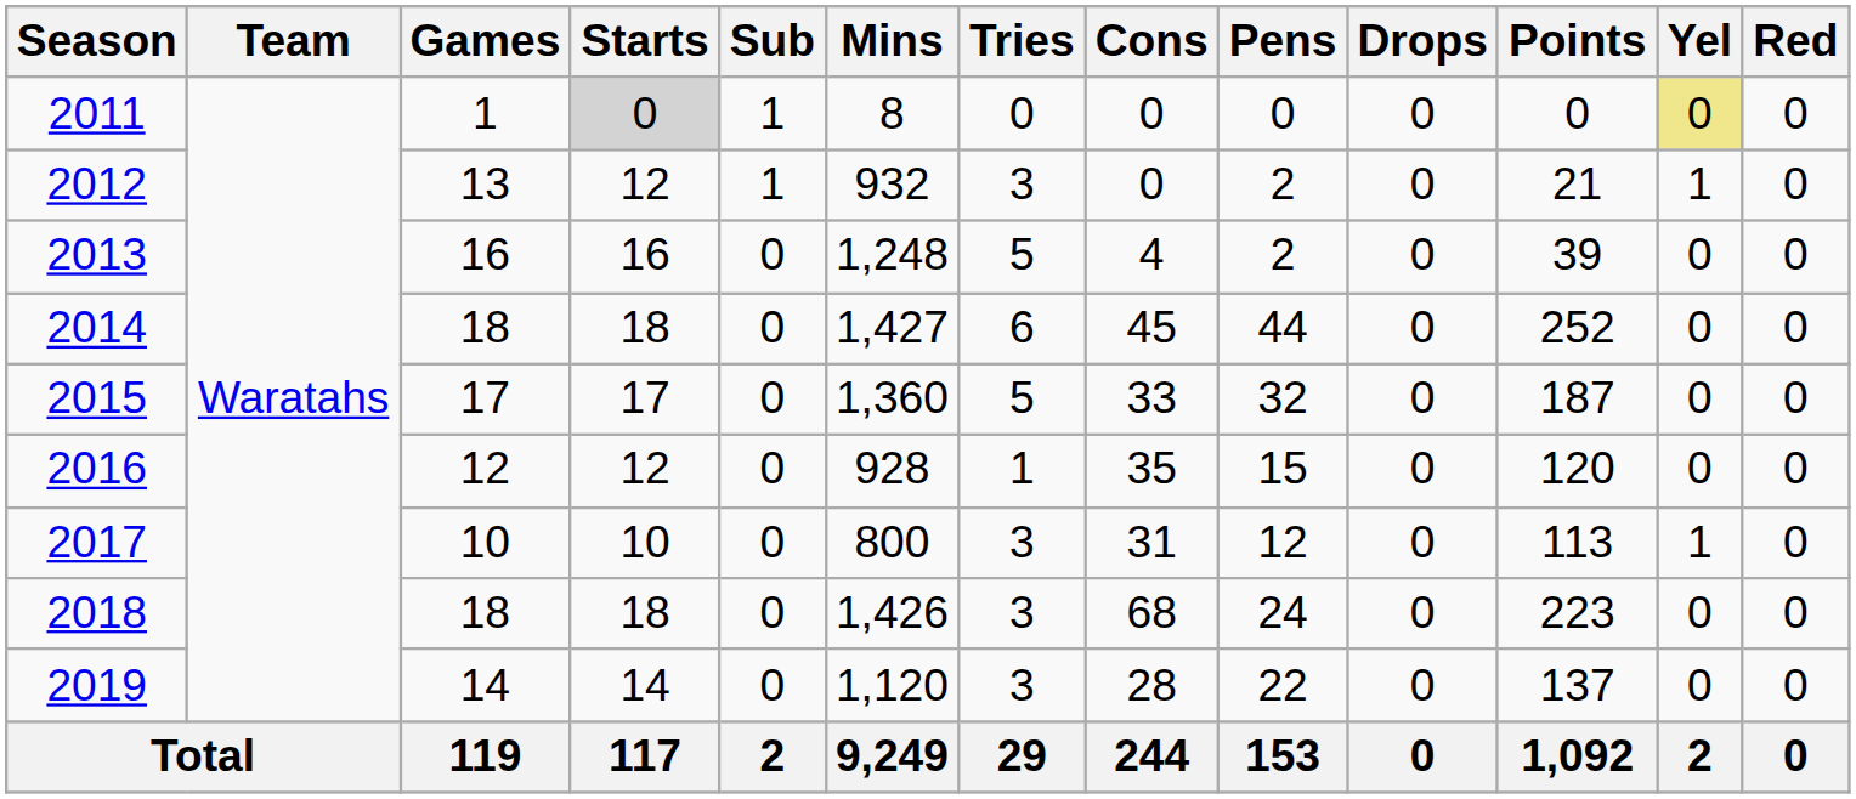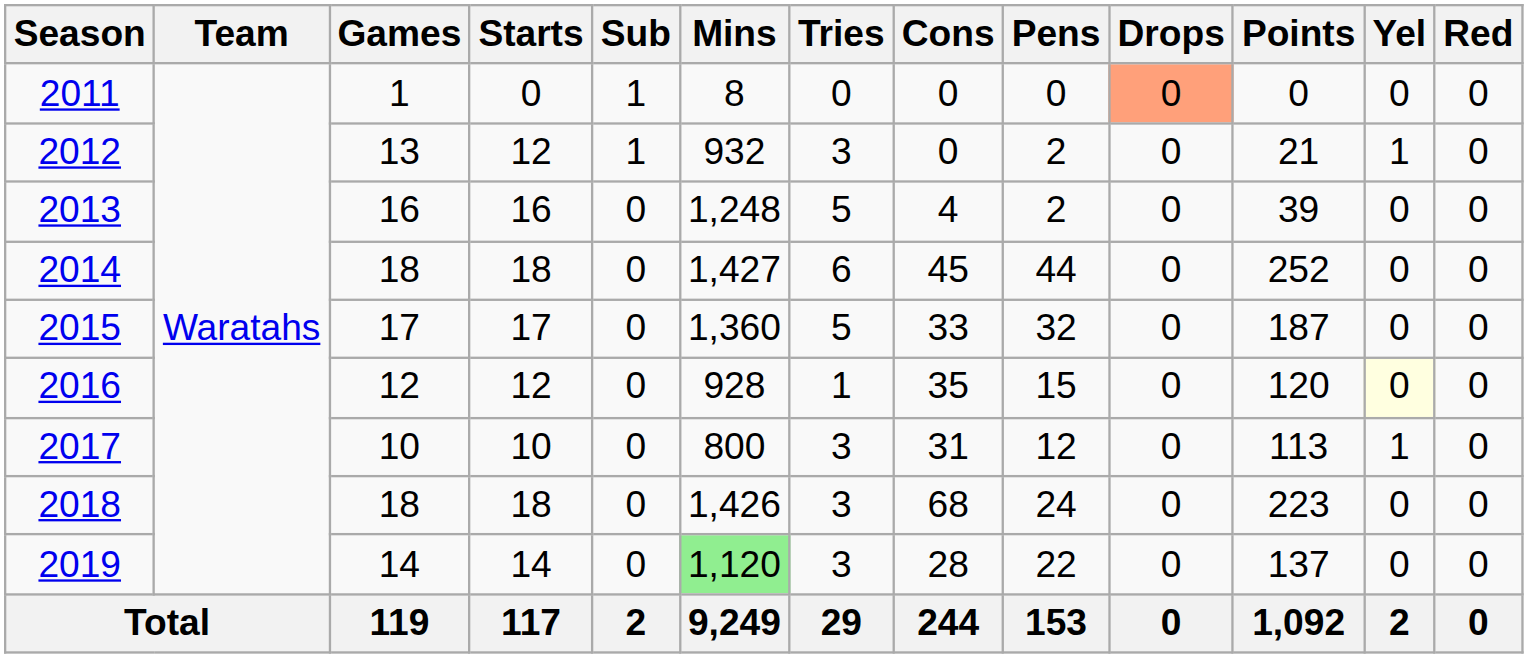 <table class="wikitable" style="text-align:center">
 <tr>
 <th>Season</th>
 <th>Team</th>
 <th>Games</th>
 <th>Starts</th>
 <th>Sub</th>
 <th>Mins</th>
 <th>Tries</th>
 <th>Cons</th>
 <th>Pens</th>
 <th>Drops</th>
 <th>Points</th>
 <th>Yel</th>
 <th>Red</th>
 </tr>
 <tr>
 <td><a href='#'>2011</a></td>
 <td rowspan="9"><a href='#'>Waratahs</a></td>
 <td>1</td>
-<td style="background: lightgrey;">0</td>
+<td>0</td>
 <td>1</td>
 <td>8</td>
 <td>0</td>
 <td>0</td>
 <td>0</td>
+<td style="background: lightsalmon;">0</td>
 <td>0</td>
 <td>0</td>
-<td style="background: khaki;">0</td>
 <td>0</td>
 </tr>
 <tr>
 <td><a href='#'>2012</a></td>
 <td>13</td>
 <td>12</td>
 <td>1</td>
 <td>932</td>
 <td>3</td>
 <td>0</td>
 <td>2</td>
 <td>0</td>
 <td>21</td>
 <td>1</td>
 <td>0</td>
 </tr>
 <tr>
 <td><a href='#'>2013</a></td>
 <td>16</td>
 <td>16</td>
 <td>0</td>
 <td>1,248</td>
 <td>5</td>
 <td>4</td>
 <td>2</td>
 <td>0</td>
 <td>39</td>
 <td>0</td>
 <td>0</td>
 </tr>
 <tr>
 <td><a href='#'>2014</a></td>
 <td>18</td>
 <td>18</td>
 <td>0</td>
 <td>1,427</td>
 <td>6</td>
 <td>45</td>
 <td>44</td>
 <td>0</td>
 <td>252</td>
 <td>0</td>
 <td>0</td>
 </tr>
 <tr>
 <td><a href='#'>2015</a></td>
 <td>17</td>
 <td>17</td>
 <td>0</td>
 <td>1,360</td>
 <td>5</td>
 <td>33</td>
 <td>32</td>
 <td>0</td>
 <td>187</td>
 <td>0</td>
 <td>0</td>
 </tr>
 <tr>
 <td><a href='#'>2016</a></td>
 <td>12</td>
 <td>12</td>
 <td>0</td>
 <td>928</td>
 <td>1</td>
 <td>35</td>
 <td>15</td>
 <td>0</td>
 <td>120</td>
-<td>0</td>
+<td style="background: lightyellow;">0</td>
 <td>0</td>
 </tr>
 <tr>
 <td><a href='#'>2017</a></td>
 <td>10</td>
 <td>10</td>
 <td>0</td>
 <td>800</td>
 <td>3</td>
 <td>31</td>
 <td>12</td>
 <td>0</td>
 <td>113</td>
 <td>1</td>
 <td>0</td>
 </tr>
 <tr>
 <td><a href='#'>2018</a></td>
 <td>18</td>
 <td>18</td>
 <td>0</td>
 <td>1,426</td>
 <td>3</td>
 <td>68</td>
 <td>24</td>
 <td>0</td>
 <td>223</td>
 <td>0</td>
 <td>0</td>
 </tr>
 <tr>
 <td><a href='#'>2019</a></td>
 <td>14</td>
 <td>14</td>
 <td>0</td>
-<td>1,120</td>
+<td style="background: lightgreen;">1,120</td>
 <td>3</td>
 <td>28</td>
 <td>22</td>
 <td>0</td>
 <td>137</td>
 <td>0</td>
 <td>0</td>
 </tr>
 <tr>
 <th colspan="2">Total</th>
 <th><strong>119</strong></th>
 <th><strong>117</strong></th>
 <th><strong>2</strong></th>
 <th><strong>9,249</strong></th>
 <th><strong>29</strong></th>
 <th><strong>244</strong></th>
 <th><strong>153</strong></th>
 <th><strong>0</strong></th>
 <th><strong>1,092</strong></th>
 <th><strong>2</strong></th>
 <th><strong>0</strong></th>
 </tr>
 </table>
